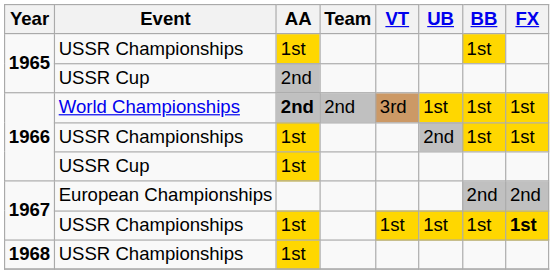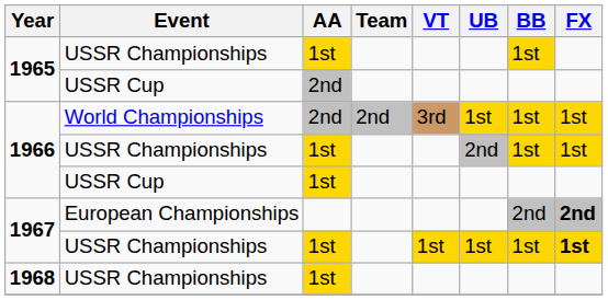 <table class=wikitable>
 <tr>
 <th align=center>Year</th>
 <th align=center>Event</th>
 <th width=30px>AA</th>
 <th width=30px>Team</th>
 <th width=30px><a href='#'>VT</a></th>
 <th width=30px><a href='#'>UB</a></th>
 <th width=30px><a href='#'>BB</a></th>
 <th width=30px><a href='#'>FX</a></th>
 </tr>
 <tr>
 <td rowspan="2"><strong>1965</strong></td>
 <td align=left>USSR Championships</td>
 <td bgcolor=gold>1st</td>
 <td></td>
 <td></td>
 <td></td>
 <td bgcolor=gold>1st</td>
 <td></td>
 </tr>
 <tr>
 <td align=left>USSR Cup</td>
 <td bgcolor=silver>2nd</td>
 <td></td>
 <td></td>
 <td></td>
 <td></td>
 <td></td>
 </tr>
 <tr>
 <td rowspan="3"><strong>1966</strong></td>
 <td align=left><a href='#'>World Championships</a></td>
-<td bgcolor=silver><strong>2nd</strong></td>
+<td bgcolor=silver>2nd</td>
 <td bgcolor=silver>2nd</td>
 <td bgcolor=CC9966>3rd</td>
 <td bgcolor=gold>1st</td>
 <td bgcolor=gold>1st</td>
 <td bgcolor=gold>1st</td>
 </tr>
 <tr>
 <td align=left>USSR Championships</td>
 <td bgcolor=gold>1st</td>
 <td></td>
 <td></td>
 <td bgcolor=silver>2nd</td>
 <td bgcolor=gold>1st</td>
 <td bgcolor=gold>1st</td>
 </tr>
 <tr>
 <td align=left>USSR Cup</td>
 <td bgcolor=gold>1st</td>
 <td></td>
 <td></td>
 <td></td>
 <td></td>
 <td></td>
 </tr>
 <tr>
 <td rowspan="2"><strong>1967</strong></td>
 <td align=left>European Championships</td>
 <td></td>
 <td></td>
 <td></td>
 <td></td>
 <td bgcolor=silver>2nd</td>
-<td bgcolor=silver>2nd</td>
+<td bgcolor=silver><strong>2nd</strong></td>
 </tr>
 <tr>
 <td align=left>USSR Championships</td>
 <td bgcolor=gold>1st</td>
 <td></td>
 <td bgcolor=gold>1st</td>
 <td bgcolor=gold>1st</td>
 <td bgcolor=gold>1st</td>
 <td bgcolor=gold><strong>1st</strong></td>
 </tr>
 <tr>
 <td rowspan="1"><strong>1968</strong></td>
 <td align=left>USSR Championships</td>
 <td bgcolor=gold>1st</td>
 <td></td>
 <td></td>
 <td></td>
 <td></td>
 <td></td>
 </tr>
 <tr>
 </tr>
 </table>
